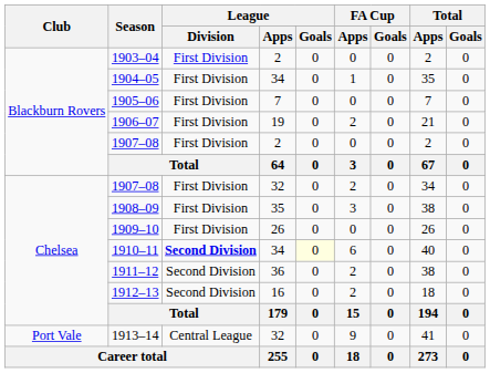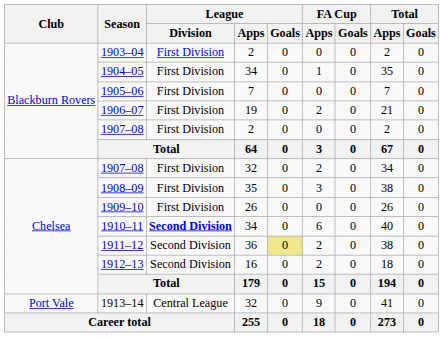 <table class="wikitable" style="text-align: center;">
 <tr>
 <th rowspan="2">Club</th>
 <th rowspan="2">Season</th>
 <th colspan="3">League</th>
 <th colspan="2">FA Cup</th>
 <th colspan="2">Total</th>
 </tr>
 <tr>
 <th>Division</th>
 <th>Apps</th>
 <th>Goals</th>
 <th>Apps</th>
 <th>Goals</th>
 <th>Apps</th>
 <th>Goals</th>
 </tr>
 <tr>
 <td rowspan="6"><a href='#'>Blackburn Rovers</a></td>
 <td><a href='#'>1903–04</a></td>
 <td><a href='#'>First Division</a></td>
 <td>2</td>
 <td>0</td>
 <td>0</td>
 <td>0</td>
 <td>2</td>
 <td>0</td>
 </tr>
 <tr>
 <td><a href='#'>1904–05</a></td>
 <td>First Division</td>
 <td>34</td>
 <td>0</td>
 <td>1</td>
 <td>0</td>
 <td>35</td>
 <td>0</td>
 </tr>
 <tr>
 <td><a href='#'>1905–06</a></td>
 <td>First Division</td>
 <td>7</td>
 <td>0</td>
 <td>0</td>
 <td>0</td>
 <td>7</td>
 <td>0</td>
 </tr>
 <tr>
 <td><a href='#'>1906–07</a></td>
 <td>First Division</td>
 <td>19</td>
 <td>0</td>
 <td>2</td>
 <td>0</td>
 <td>21</td>
 <td>0</td>
 </tr>
 <tr>
 <td><a href='#'>1907–08</a></td>
 <td>First Division</td>
 <td>2</td>
 <td>0</td>
 <td>0</td>
 <td>0</td>
 <td>2</td>
 <td>0</td>
 </tr>
 <tr>
 <th colspan="2">Total</th>
 <th>64</th>
 <th>0</th>
 <th>3</th>
 <th>0</th>
 <th>67</th>
 <th>0</th>
 </tr>
 <tr>
 <td rowspan="7"><a href='#'>Chelsea</a></td>
 <td><a href='#'>1907–08</a></td>
 <td>First Division</td>
 <td>32</td>
 <td>0</td>
 <td>2</td>
 <td>0</td>
 <td>34</td>
 <td>0</td>
 </tr>
 <tr>
 <td><a href='#'>1908–09</a></td>
 <td>First Division</td>
 <td>35</td>
 <td>0</td>
 <td>3</td>
 <td>0</td>
 <td>38</td>
 <td>0</td>
 </tr>
 <tr>
 <td><a href='#'>1909–10</a></td>
 <td>First Division</td>
 <td>26</td>
 <td>0</td>
 <td>0</td>
 <td>0</td>
 <td>26</td>
 <td>0</td>
 </tr>
 <tr>
 <td><a href='#'>1910–11</a></td>
 <td><strong><a href='#'>Second Division</a></strong></td>
 <td>34</td>
-<td style="background: lightyellow;">0</td>
+<td>0</td>
 <td>6</td>
 <td>0</td>
 <td>40</td>
 <td>0</td>
 </tr>
 <tr>
 <td><a href='#'>1911–12</a></td>
 <td>Second Division</td>
 <td>36</td>
-<td>0</td>
+<td style="background: khaki;">0</td>
 <td>2</td>
 <td>0</td>
 <td>38</td>
 <td>0</td>
 </tr>
 <tr>
 <td><a href='#'>1912–13</a></td>
 <td>Second Division</td>
 <td>16</td>
 <td>0</td>
 <td>2</td>
 <td>0</td>
 <td>18</td>
 <td>0</td>
 </tr>
 <tr>
 <th colspan="2">Total</th>
 <th>179</th>
 <th>0</th>
 <th>15</th>
 <th>0</th>
 <th>194</th>
 <th>0</th>
 </tr>
 <tr>
 <td><a href='#'>Port Vale</a></td>
 <td>1913–14</td>
 <td>Central League</td>
 <td>32</td>
 <td>0</td>
 <td>9</td>
 <td>0</td>
 <td>41</td>
 <td>0</td>
 </tr>
 <tr>
 <th colspan="3">Career total</th>
 <th>255</th>
 <th>0</th>
 <th>18</th>
 <th>0</th>
 <th>273</th>
 <th>0</th>
 </tr>
 </table>
